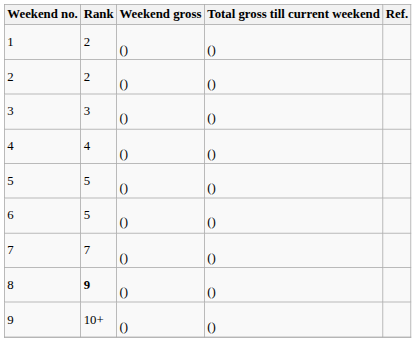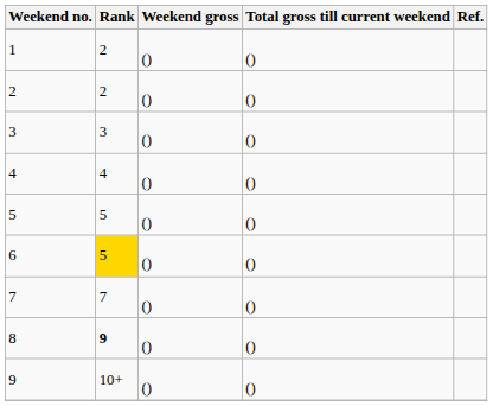 <table class="wikitable">
 <tr>
 <th>Weekend no.</th>
 <th>Rank</th>
 <th>Weekend gross</th>
 <th>Total gross till current weekend</th>
 <th>Ref.</th>
 </tr>
 <tr>
 <td>1</td>
 <td>2</td>
 <td><br>()</td>
 <td><br>()</td>
 <td></td>
 </tr>
 <tr>
 <td>2</td>
 <td>2</td>
 <td><br>()</td>
 <td><br>()</td>
 <td></td>
 </tr>
 <tr>
 <td>3</td>
 <td>3</td>
 <td><br>()</td>
 <td><br>()</td>
 <td></td>
 </tr>
 <tr>
 <td>4</td>
 <td>4</td>
 <td><br>()</td>
 <td><br>()</td>
 <td></td>
 </tr>
 <tr>
 <td>5</td>
 <td>5</td>
 <td><br>()</td>
 <td><br>()</td>
 <td></td>
 </tr>
 <tr>
 <td>6</td>
-<td>5</td>
+<td style="background: gold;">5</td>
 <td><br>()</td>
 <td><br>()</td>
 <td></td>
 </tr>
 <tr>
 <td>7</td>
 <td>7</td>
 <td><br>()</td>
 <td><br>()</td>
 <td></td>
 </tr>
 <tr>
 <td>8</td>
 <td><strong>9</strong></td>
 <td><br>()</td>
 <td><br>()</td>
 <td></td>
 </tr>
 <tr>
 <td>9</td>
 <td>10+</td>
 <td><br>()</td>
 <td><br>()</td>
 <td></td>
 </tr>
 <tr>
 </tr>
 </table>
